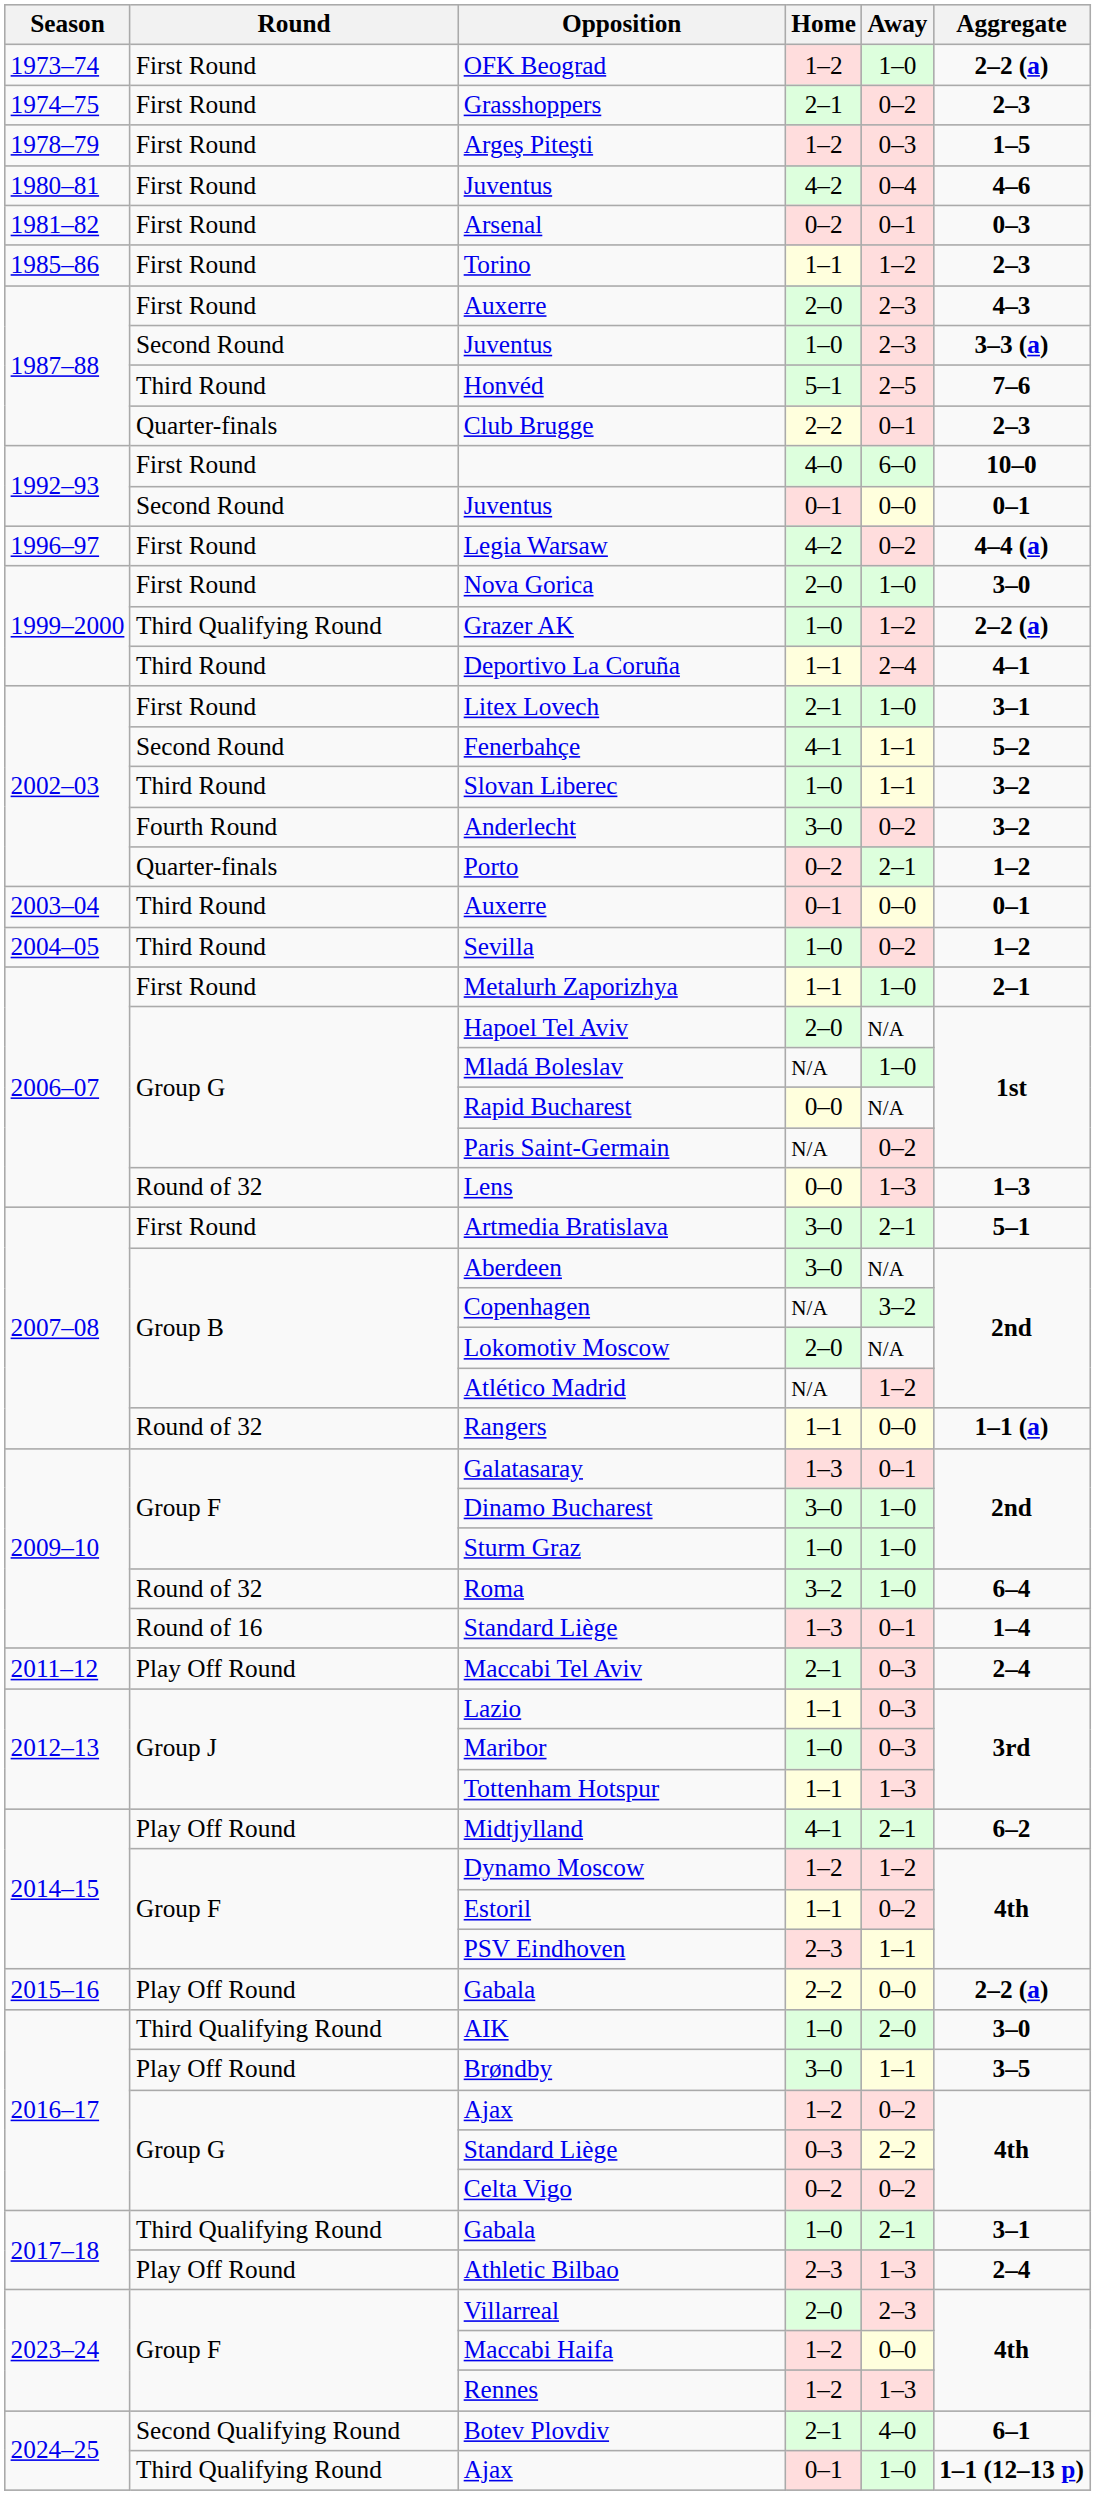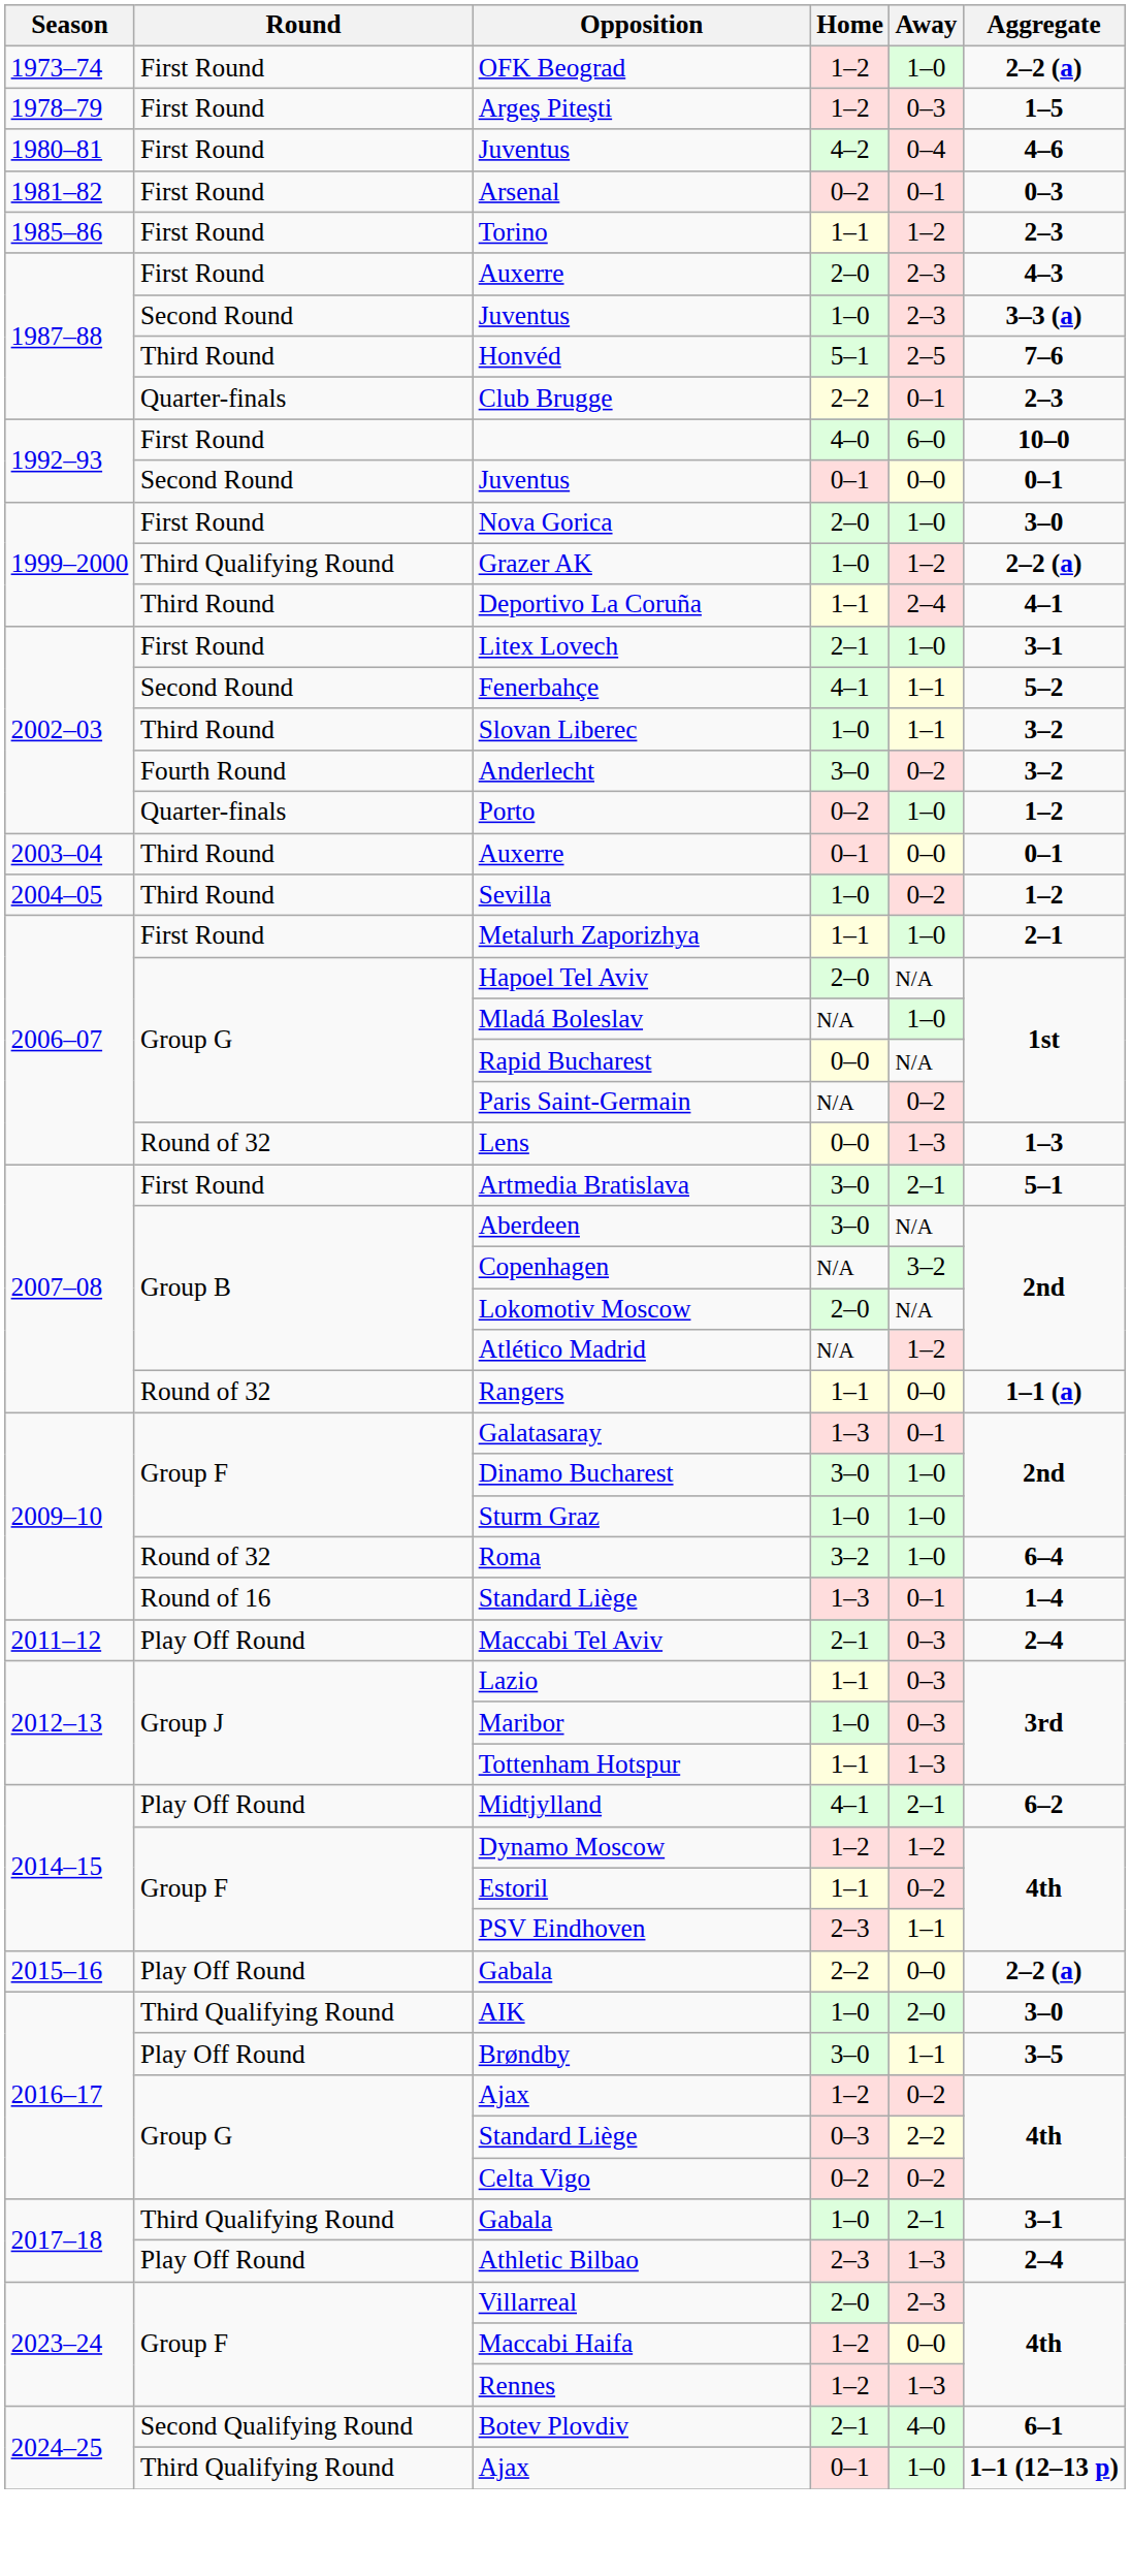 <table class="wikitable">
 <tr>
 <th>Season</th>
 <th width=200>Round</th>
 <th width=200>Opposition</th>
 <th>Home</th>
 <th>Away</th>
 <th>Aggregate</th>
 </tr>
 <tr>
 <td><a href='#'>1973–74</a></td>
 <td>First Round</td>
 <td align=left> <a href='#'>OFK Beograd</a></td>
 <td style="text-align:center; background:#fdd;">1–2</td>
 <td style="text-align:center; background:#dfd;">1–0</td>
 <td style="text-align:center;"><strong>2–2 (<a href='#'>a</a>)</strong></td>
-</tr>
-<tr>
-<td><a href='#'>1974–75</a></td>
-<td>First Round</td>
-<td align=left> <a href='#'>Grasshoppers</a></td>
-<td style="text-align:center; background:#dfd;">2–1</td>
-<td style="text-align:center; background:#fdd;">0–2</td>
-<td style="text-align:center;"><strong>2–3</strong></td>
 </tr>
 <tr>
 <td><a href='#'>1978–79</a></td>
 <td>First Round</td>
 <td align=left> <a href='#'>Argeş Piteşti</a></td>
 <td style="text-align:center; background:#fdd;">1–2</td>
 <td style="text-align:center; background:#fdd;">0–3</td>
 <td style="text-align:center;"><strong>1–5</strong></td>
 </tr>
 <tr>
 <td><a href='#'>1980–81</a></td>
 <td>First Round</td>
 <td align=left> <a href='#'>Juventus</a></td>
 <td style="text-align:center; background:#dfd;">4–2</td>
 <td style="text-align:center; background:#fdd;">0–4</td>
 <td style="text-align:center;"><strong>4–6</strong></td>
 </tr>
 <tr>
 <td><a href='#'>1981–82</a></td>
 <td>First Round</td>
 <td align=left> <a href='#'>Arsenal</a></td>
 <td style="text-align:center; background:#fdd;">0–2</td>
 <td style="text-align:center; background:#fdd;">0–1</td>
 <td style="text-align:center;"><strong>0–3</strong></td>
 </tr>
 <tr>
 <td><a href='#'>1985–86</a></td>
 <td>First Round</td>
 <td align=left> <a href='#'>Torino</a></td>
 <td style="text-align:center; background:#ffd;">1–1</td>
 <td style="text-align:center; background:#fdd;">1–2</td>
 <td style="text-align:center;"><strong>2–3</strong></td>
 </tr>
 <tr>
 <td rowspan=4><a href='#'>1987–88</a></td>
 <td>First Round</td>
 <td align=left> <a href='#'>Auxerre</a></td>
 <td style="text-align:center; background:#dfd;">2–0</td>
 <td style="text-align:center; background:#fdd;">2–3</td>
 <td style="text-align:center;"><strong>4–3</strong></td>
 </tr>
 <tr>
 <td>Second Round</td>
 <td align=left> <a href='#'>Juventus</a></td>
 <td style="text-align:center; background:#dfd;">1–0</td>
 <td style="text-align:center; background:#fdd;">2–3</td>
 <td style="text-align:center;"><strong>3–3 (<a href='#'>a</a>)</strong></td>
 </tr>
 <tr>
 <td>Third Round</td>
 <td align=left> <a href='#'>Honvéd</a></td>
 <td style="text-align:center; background:#dfd;">5–1</td>
 <td style="text-align:center; background:#fdd;">2–5</td>
 <td style="text-align:center;"><strong>7–6</strong></td>
 </tr>
 <tr>
 <td>Quarter-finals</td>
 <td align=left> <a href='#'>Club Brugge</a></td>
 <td style="text-align:center; background:#ffd;">2–2</td>
 <td style="text-align:center; background:#fdd;">0–1</td>
 <td style="text-align:center;"><strong>2–3</strong></td>
 </tr>
 <tr>
 <td rowspan=2><a href='#'>1992–93</a></td>
 <td>First Round</td>
 <td align=left> </td>
 <td style="text-align:center; background:#dfd;">4–0</td>
 <td style="text-align:center; background:#dfd;">6–0</td>
 <td style="text-align:center;"><strong>10–0</strong></td>
 </tr>
 <tr>
 <td>Second Round</td>
 <td align=left> <a href='#'>Juventus</a></td>
 <td style="text-align:center; background:#fdd;">0–1</td>
 <td style="text-align:center; background:#ffd;">0–0</td>
 <td style="text-align:center;"><strong>0–1</strong></td>
 </tr>
 <tr>
-<td><a href='#'>1996–97</a></td>
-<td>First Round</td>
-<td align=left> <a href='#'>Legia Warsaw</a></td>
-<td style="text-align:center; background:#dfd;">4–2</td>
-<td style="text-align:center; background:#fdd;">0–2</td>
-<td style="text-align:center;"><strong>4–4 (<a href='#'>a</a>)</strong></td>
-</tr>
-<tr>
 <td rowspan=3><a href='#'>1999–2000</a></td>
 <td>First Round</td>
 <td align=left> <a href='#'>Nova Gorica</a></td>
 <td style="text-align:center; background:#dfd;">2–0</td>
 <td style="text-align:center; background:#dfd;">1–0</td>
 <td style="text-align:center;"><strong>3–0</strong></td>
 </tr>
 <tr>
 <td>Third Qualifying Round</td>
 <td align=left> <a href='#'>Grazer AK</a></td>
 <td style="text-align:center; background:#dfd;">1–0</td>
 <td style="text-align:center; background:#fdd;">1–2</td>
 <td style="text-align:center;"><strong>2–2 (<a href='#'>a</a>)</strong></td>
 </tr>
 <tr>
 <td>Third Round</td>
 <td align=left> <a href='#'>Deportivo La Coruña</a></td>
 <td style="text-align:center; background:#ffd;">1–1</td>
 <td style="text-align:center; background:#fdd;">2–4</td>
 <td style="text-align:center;"><strong>4–1</strong></td>
 </tr>
 <tr>
 <td rowspan=5><a href='#'>2002–03</a></td>
 <td>First Round</td>
 <td align=left> <a href='#'>Litex Lovech</a></td>
 <td style="text-align:center; background:#dfd;">2–1</td>
 <td style="text-align:center; background:#dfd;">1–0</td>
 <td style="text-align:center;"><strong>3–1</strong></td>
 </tr>
 <tr>
 <td>Second Round</td>
 <td align=left> <a href='#'>Fenerbahçe</a></td>
 <td style="text-align:center; background:#dfd;">4–1</td>
 <td style="text-align:center; background:#ffd;">1–1</td>
 <td style="text-align:center;"><strong>5–2</strong></td>
 </tr>
 <tr>
 <td>Third Round</td>
 <td align=left> <a href='#'>Slovan Liberec</a></td>
 <td style="text-align:center; background:#dfd;">1–0</td>
 <td style="text-align:center; background:#ffd;">1–1</td>
 <td style="text-align:center;"><strong>3–2</strong></td>
 </tr>
 <tr>
 <td>Fourth Round</td>
 <td align=left> <a href='#'>Anderlecht</a></td>
 <td style="text-align:center; background:#dfd;">3–0</td>
 <td style="text-align:center; background:#fdd;">0–2</td>
 <td style="text-align:center;"><strong>3–2</strong></td>
 </tr>
 <tr>
 <td>Quarter-finals</td>
 <td align=left> <a href='#'>Porto</a></td>
 <td style="text-align:center; background:#fdd;">0–2</td>
-<td style="text-align:center; background:#dfd;">2–1</td>
+<td style="text-align:center; background:#dfd;">1–0</td>
 <td style="text-align:center;"><strong>1–2</strong></td>
 </tr>
 <tr>
 <td><a href='#'>2003–04</a></td>
 <td>Third Round</td>
 <td align=left> <a href='#'>Auxerre</a></td>
 <td style="text-align:center; background:#fdd;">0–1</td>
 <td style="text-align:center; background:#ffd;">0–0</td>
 <td style="text-align:center;"><strong>0–1</strong></td>
 </tr>
 <tr>
 <td><a href='#'>2004–05</a></td>
 <td>Third Round</td>
 <td align=left> <a href='#'>Sevilla</a></td>
 <td style="text-align:center; background:#dfd;">1–0</td>
 <td style="text-align:center; background:#fdd;">0–2</td>
 <td style="text-align:center;"><strong>1–2</strong></td>
 </tr>
 <tr>
 <td rowspan=6><a href='#'>2006–07</a></td>
 <td>First Round</td>
 <td align=left> <a href='#'>Metalurh Zaporizhya</a></td>
 <td style="text-align:center; background:#ffd;">1–1</td>
 <td style="text-align:center; background:#dfd;">1–0</td>
 <td style="text-align:center;"><strong>2–1</strong></td>
 </tr>
 <tr>
 <td rowspan=4>Group G</td>
 <td align=left> <a href='#'>Hapoel Tel Aviv</a></td>
 <td style="text-align:center; background:#dfd;">2–0</td>
 <td><span><small>N/A</small></span></td>
 <td style="text-align:center;" rowspan=4><strong>1st</strong></td>
 </tr>
 <tr>
 <td align=left> <a href='#'>Mladá Boleslav</a></td>
 <td><span><small>N/A</small></span></td>
 <td style="text-align:center; background:#dfd;">1–0</td>
 </tr>
 <tr>
 <td align=left> <a href='#'>Rapid Bucharest</a></td>
 <td style="text-align:center; background:#ffd;">0–0</td>
 <td><span><small>N/A</small></span></td>
 </tr>
 <tr>
 <td align=left> <a href='#'>Paris Saint-Germain</a></td>
 <td><span><small>N/A</small></span></td>
 <td style="text-align:center; background:#fdd;">0–2</td>
 </tr>
 <tr>
 <td>Round of 32</td>
 <td align=left> <a href='#'>Lens</a></td>
 <td style="text-align:center; background:#ffd;">0–0</td>
 <td style="text-align:center; background:#fdd;">1–3</td>
 <td style="text-align:center;"><strong>1–3</strong></td>
 </tr>
 <tr>
 <td rowspan=6><a href='#'>2007–08</a></td>
 <td>First Round</td>
 <td align=left> <a href='#'>Artmedia Bratislava</a></td>
 <td style="text-align:center; background:#dfd;">3–0</td>
 <td style="text-align:center; background:#dfd;">2–1</td>
 <td style="text-align:center;"><strong>5–1</strong></td>
 </tr>
 <tr>
 <td rowspan=4>Group B</td>
 <td align=left> <a href='#'>Aberdeen</a></td>
 <td style="text-align:center; background:#dfd;">3–0</td>
 <td><span><small>N/A</small></span></td>
 <td style="text-align:center;" rowspan=4><strong>2nd</strong></td>
 </tr>
 <tr>
 <td align=left> <a href='#'>Copenhagen</a></td>
 <td><span><small>N/A</small></span></td>
 <td style="text-align:center; background:#dfd;">3–2</td>
 </tr>
 <tr>
 <td align=left> <a href='#'>Lokomotiv Moscow</a></td>
 <td style="text-align:center; background:#dfd;">2–0</td>
 <td><span><small>N/A</small></span></td>
 </tr>
 <tr>
 <td align=left> <a href='#'>Atlético Madrid</a></td>
 <td><span><small>N/A</small></span></td>
 <td style="text-align:center; background:#fdd;">1–2</td>
 </tr>
 <tr>
 <td>Round of 32</td>
 <td align=left> <a href='#'>Rangers</a></td>
 <td style="text-align:center; background:#ffd;">1–1</td>
 <td style="text-align:center; background:#ffd;">0–0</td>
 <td style="text-align:center;"><strong>1–1 (<a href='#'>a</a>)</strong></td>
 </tr>
 <tr>
 <td rowspan=5><a href='#'>2009–10</a></td>
 <td rowspan=3>Group F</td>
 <td align=left> <a href='#'>Galatasaray</a></td>
 <td style="text-align:center; background:#fdd;">1–3</td>
 <td style="text-align:center; background:#fdd;">0–1</td>
 <td style="text-align:center;" rowspan=3><strong>2nd</strong></td>
 </tr>
 <tr>
 <td align=left> <a href='#'>Dinamo Bucharest</a></td>
 <td style="text-align:center; background:#dfd;">3–0</td>
 <td style="text-align:center; background:#dfd;">1–0</td>
 </tr>
 <tr>
 <td align=left> <a href='#'>Sturm Graz</a></td>
 <td style="text-align:center; background:#dfd;">1–0</td>
 <td style="text-align:center; background:#dfd;">1–0</td>
 </tr>
 <tr>
 <td>Round of 32</td>
 <td align=left> <a href='#'>Roma</a></td>
 <td style="text-align:center; background:#dfd;">3–2</td>
 <td style="text-align:center; background:#dfd;">1–0</td>
 <td style="text-align:center;"><strong>6–4</strong></td>
 </tr>
 <tr>
 <td>Round of 16</td>
 <td align=left> <a href='#'>Standard Liège</a></td>
 <td style="text-align:center; background:#fdd;">1–3</td>
 <td style="text-align:center; background:#fdd;">0–1</td>
 <td style="text-align:center;"><strong>1–4</strong></td>
 </tr>
 <tr>
 <td><a href='#'>2011–12</a></td>
 <td>Play Off Round</td>
 <td align=left> <a href='#'>Maccabi Tel Aviv</a></td>
 <td style="text-align:center; background:#dfd;">2–1</td>
 <td style="text-align:center; background:#fdd;">0–3</td>
 <td style="text-align:center;"><strong>2–4</strong></td>
 </tr>
 <tr>
 <td rowspan=3><a href='#'>2012–13</a></td>
 <td rowspan=3>Group J</td>
 <td align=left> <a href='#'>Lazio</a></td>
 <td style="text-align:center; background:#ffd;">1–1</td>
 <td style="text-align:center; background:#fdd;">0–3</td>
 <td style="text-align:center;" rowspan=3><strong>3rd</strong></td>
 </tr>
 <tr>
 <td align=left> <a href='#'>Maribor</a></td>
 <td style="text-align:center; background:#dfd;">1–0</td>
 <td style="text-align:center; background:#fdd;">0–3</td>
 </tr>
 <tr>
 <td align=left> <a href='#'>Tottenham Hotspur</a></td>
 <td style="text-align:center; background:#ffd;">1–1</td>
 <td style="text-align:center; background:#fdd;">1–3</td>
 </tr>
 <tr>
 <td rowspan=4><a href='#'>2014–15</a></td>
 <td>Play Off Round</td>
 <td align=left> <a href='#'>Midtjylland</a></td>
 <td style="text-align:center; background:#dfd;">4–1</td>
 <td style="text-align:center; background:#dfd;">2–1</td>
 <td style="text-align:center;"><strong>6–2</strong></td>
 </tr>
 <tr>
 <td rowspan=3>Group F</td>
 <td align=left> <a href='#'>Dynamo Moscow</a></td>
 <td style="text-align:center; background:#fdd;">1–2</td>
 <td style="text-align:center; background:#fdd;">1–2</td>
 <td style="text-align:center;" rowspan=3><strong>4th</strong></td>
 </tr>
 <tr>
 <td align=left> <a href='#'>Estoril</a></td>
 <td style="text-align:center; background:#ffd;">1–1</td>
 <td style="text-align:center; background:#fdd;">0–2</td>
 </tr>
 <tr>
 <td align=left> <a href='#'>PSV Eindhoven</a></td>
 <td style="text-align:center; background:#fdd;">2–3</td>
 <td style="text-align:center; background:#ffd;">1–1</td>
 </tr>
 <tr>
 <td><a href='#'>2015–16</a></td>
 <td>Play Off Round</td>
 <td align=left> <a href='#'>Gabala</a></td>
 <td style="text-align:center; background:#ffd;">2–2</td>
 <td style="text-align:center; background:#ffd;">0–0</td>
 <td style="text-align:center;"><strong>2–2 (<a href='#'>a</a>)</strong></td>
 </tr>
 <tr>
 <td rowspan=5><a href='#'>2016–17</a></td>
 <td>Third Qualifying Round</td>
 <td align=left> <a href='#'>AIK</a></td>
 <td style="text-align:center; background:#dfd;">1–0</td>
 <td style="text-align:center; background:#dfd;">2–0</td>
 <td style="text-align:center;"><strong>3–0</strong></td>
 </tr>
 <tr>
 <td>Play Off Round</td>
 <td align=left> <a href='#'>Brøndby</a></td>
 <td style="text-align:center; background:#dfd;">3–0</td>
 <td style="text-align:center; background:#ffd;">1–1</td>
 <td style="text-align:center;"><strong>3–5</strong></td>
 </tr>
 <tr>
 <td rowspan=3>Group G</td>
 <td align=left> <a href='#'>Ajax</a></td>
 <td style="text-align:center; background:#fdd;">1–2</td>
 <td style="text-align:center; background:#fdd;">0–2</td>
 <td style="text-align:center;" rowspan=3><strong>4th</strong></td>
 </tr>
 <tr>
 <td align=left> <a href='#'>Standard Liège</a></td>
 <td style="text-align:center; background:#fdd;">0–3</td>
 <td style="text-align:center; background:#ffd;">2–2</td>
 </tr>
 <tr>
 <td align=left> <a href='#'>Celta Vigo</a></td>
 <td style="text-align:center; background:#fdd;">0–2</td>
 <td style="text-align:center; background:#fdd;">0–2</td>
 </tr>
 <tr>
 <td rowspan=2><a href='#'>2017–18</a></td>
 <td>Third Qualifying Round</td>
 <td align=left> <a href='#'>Gabala</a></td>
 <td style="text-align:center; background:#dfd;">1–0</td>
 <td style="text-align:center; background:#dfd;">2–1</td>
 <td style="text-align:center;"><strong>3–1</strong></td>
 </tr>
 <tr>
 <td>Play Off Round</td>
 <td align=left> <a href='#'>Athletic Bilbao</a></td>
 <td style="text-align:center; background:#fdd;">2–3</td>
 <td style="text-align:center; background:#fdd;">1–3</td>
 <td style="text-align:center;"><strong>2–4</strong></td>
 </tr>
 <tr>
 <td rowspan=3><a href='#'>2023–24</a></td>
 <td rowspan=3>Group F</td>
 <td align=left> <a href='#'>Villarreal</a></td>
 <td style="text-align:center; background:#dfd;">2–0</td>
 <td style="text-align:center; background:#fdd;">2–3</td>
 <td style="text-align:center;" rowspan=3><strong>4th</strong></td>
 </tr>
 <tr>
 <td align=left> <a href='#'>Maccabi Haifa</a></td>
 <td style="text-align:center; background:#fdd;">1–2</td>
 <td style="text-align:center; background:#ffd;">0–0</td>
 </tr>
 <tr>
 <td align=left> <a href='#'>Rennes</a></td>
 <td style="text-align:center; background:#fdd;">1–2</td>
 <td style="text-align:center; background:#fdd;">1–3</td>
 </tr>
 <tr>
 <td rowspan=2><a href='#'>2024–25</a></td>
 <td>Second Qualifying Round</td>
 <td align=left> <a href='#'>Botev Plovdiv</a></td>
 <td style="text-align:center; background:#dfd;">2–1</td>
 <td style="text-align:center; background:#dfd;">4–0</td>
 <td style="text-align:center;"><strong>6–1</strong></td>
 </tr>
 <tr>
 <td>Third Qualifying Round</td>
 <td align=left> <a href='#'>Ajax</a></td>
 <td style="text-align:center; background:#fdd;">0–1</td>
 <td style="text-align:center; background:#dfd;">1–0</td>
 <td style="text-align:center;"><strong>1–1 (12–13 <a href='#'>p</a>)</strong></td>
 </tr>
 </table>
